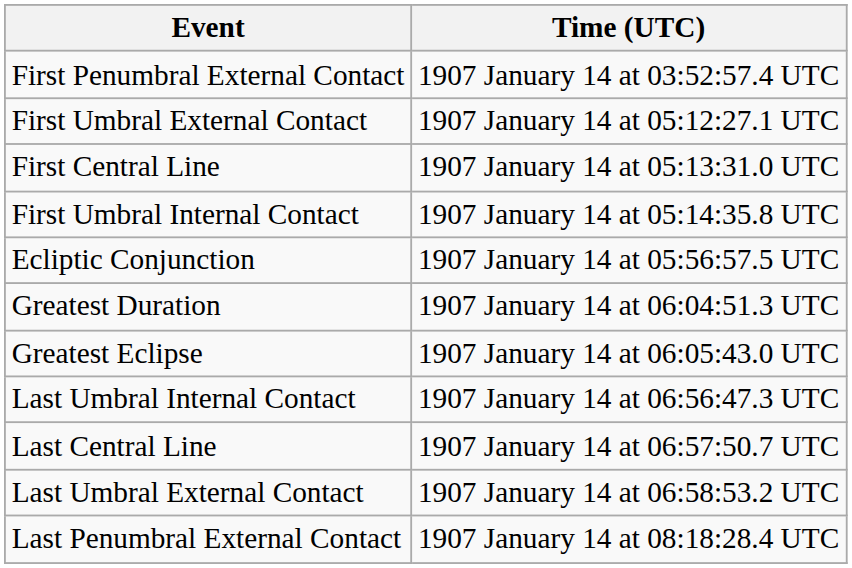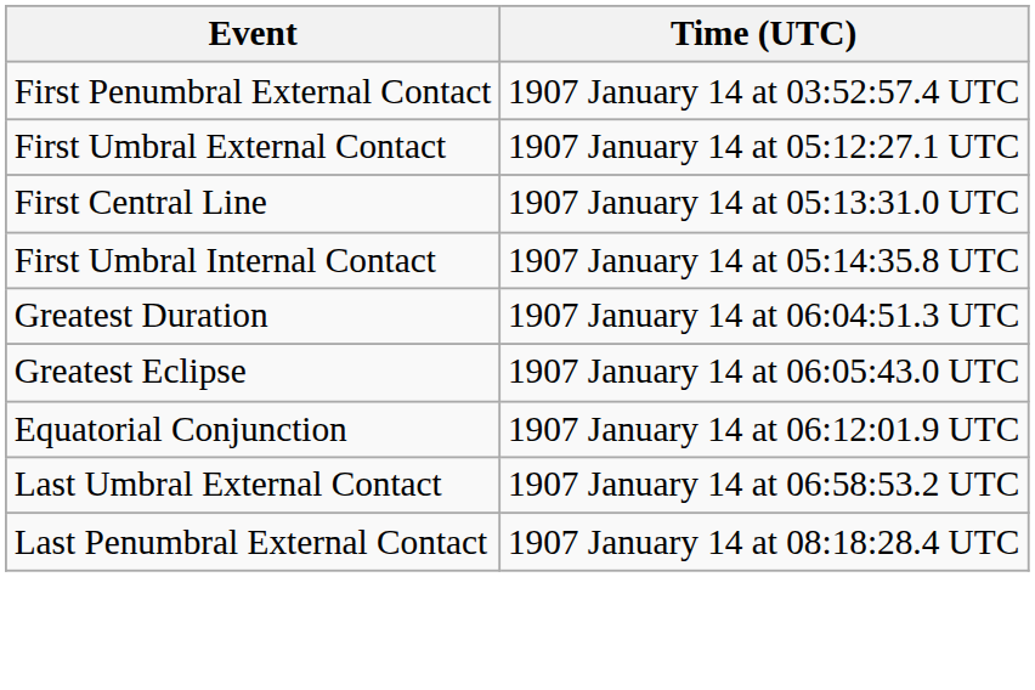 <table class="wikitable">
 <tr>
 <th>Event</th>
 <th>Time (UTC)</th>
 </tr>
 <tr>
 <td>First Penumbral External Contact</td>
 <td>1907 January 14 at 03:52:57.4 UTC</td>
 </tr>
 <tr>
 <td>First Umbral External Contact</td>
 <td>1907 January 14 at 05:12:27.1 UTC</td>
 </tr>
 <tr>
 <td>First Central Line</td>
 <td>1907 January 14 at 05:13:31.0 UTC</td>
 </tr>
 <tr>
 <td>First Umbral Internal Contact</td>
 <td>1907 January 14 at 05:14:35.8 UTC</td>
 </tr>
 <tr>
-<td>Ecliptic Conjunction</td>
-<td>1907 January 14 at 05:56:57.5 UTC</td>
-</tr>
-<tr>
 <td>Greatest Duration</td>
 <td>1907 January 14 at 06:04:51.3 UTC</td>
 </tr>
 <tr>
 <td>Greatest Eclipse</td>
 <td>1907 January 14 at 06:05:43.0 UTC</td>
 </tr>
 <tr>
-<td>Last Umbral Internal Contact</td>
-<td>1907 January 14 at 06:56:47.3 UTC</td>
-</tr>
-<tr>
-<td>Last Central Line</td>
-<td>1907 January 14 at 06:57:50.7 UTC</td>
+<td>Equatorial Conjunction</td>
+<td>1907 January 14 at 06:12:01.9 UTC</td>
 </tr>
 <tr>
 <td>Last Umbral External Contact</td>
 <td>1907 January 14 at 06:58:53.2 UTC</td>
 </tr>
 <tr>
 <td>Last Penumbral External Contact</td>
 <td>1907 January 14 at 08:18:28.4 UTC</td>
 </tr>
 </table>
